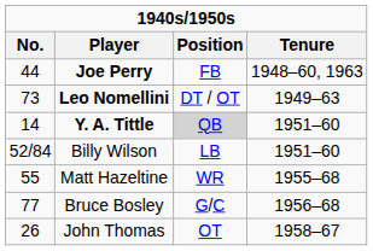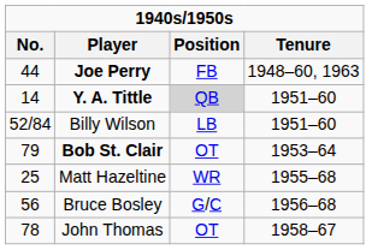 <table class="wikitable" style="text-align:center">
 <tr>
 <td colspan="4"><strong>1940s/1950s</strong></td>
 </tr>
 <tr>
 <th>No.</th>
 <th>Player</th>
 <th>Position</th>
 <th>Tenure</th>
 </tr>
 <tr>
 <td>44</td>
 <td><strong>Joe Perry</strong></td>
 <td><a href='#'>FB</a></td>
 <td>1948–60, 1963</td>
 </tr>
 <tr>
-<td>73</td>
-<td><strong>Leo Nomellini</strong></td>
-<td><a href='#'>DT</a> / <a href='#'>OT</a></td>
-<td>1949–63</td>
-</tr>
-<tr>
 <td>14</td>
 <td><strong>Y. A. Tittle</strong></td>
 <td style="background: lightgrey;"><a href='#'>QB</a></td>
 <td>1951–60</td>
 </tr>
 <tr>
 <td>52/84</td>
 <td>Billy Wilson</td>
 <td><a href='#'>LB</a></td>
 <td>1951–60</td>
 </tr>
 <tr>
-<td>55</td>
+<td>79</td>
+<td><strong>Bob St. Clair</strong></td>
+<td><a href='#'>OT</a></td>
+<td>1953–64</td>
+</tr>
+<tr>
+<td>25</td>
 <td>Matt Hazeltine</td>
 <td><a href='#'>WR</a></td>
 <td>1955–68</td>
 </tr>
 <tr>
-<td>77</td>
+<td>56</td>
 <td>Bruce Bosley</td>
 <td><a href='#'>G</a>/<a href='#'>C</a></td>
 <td>1956–68</td>
 </tr>
 <tr>
-<td>26</td>
+<td>78</td>
 <td>John Thomas</td>
 <td><a href='#'>OT</a></td>
 <td>1958–67</td>
 </tr>
 </table>
